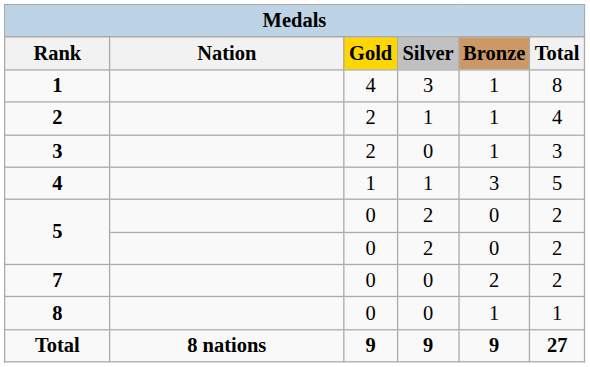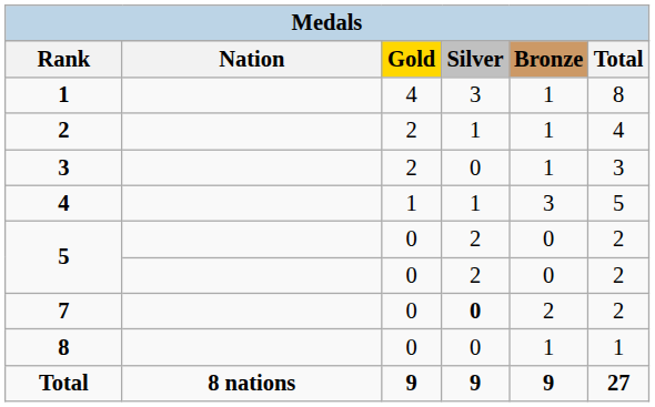 <table class="wikitable" style="text-align:center">
 <tr>
 <td colspan="6" style="background:#BCD4E6"><strong>Medals</strong></td>
 </tr>
 <tr>
 </tr>
 <tr style="background-color:#EDEDED;">
 <th width="75px" class="hintergrundfarbe5">Rank</th>
 <th width="175px" class="hintergrundfarbe6">Nation</th>
 <th style="background:    gold; width:35px ">Gold</th>
 <th style="background:  silver; width:35px ">Silver</th>
 <th style="background: #CC9966; width:35px ">Bronze</th>
 <th width="35px">Total</th>
 </tr>
 <tr>
 <td><strong>1</strong></td>
 <td align=left></td>
 <td>4</td>
 <td>3</td>
 <td>1</td>
 <td>8</td>
 </tr>
 <tr>
 <td><strong>2</strong></td>
 <td align=left></td>
 <td>2</td>
 <td>1</td>
 <td>1</td>
 <td>4</td>
 </tr>
 <tr>
 <td><strong>3</strong></td>
 <td align=left></td>
 <td>2</td>
 <td>0</td>
 <td>1</td>
 <td>3</td>
 </tr>
 <tr>
 <td><strong>4</strong></td>
 <td align=left></td>
 <td>1</td>
 <td>1</td>
 <td>3</td>
 <td>5</td>
 </tr>
 <tr>
 <td rowspan="2"><strong>5</strong></td>
 <td align=left></td>
 <td>0</td>
 <td>2</td>
 <td>0</td>
 <td>2</td>
 </tr>
 <tr>
 <td align=left></td>
 <td>0</td>
 <td>2</td>
 <td>0</td>
 <td>2</td>
 </tr>
 <tr>
 <td><strong>7</strong></td>
 <td align=left></td>
 <td>0</td>
-<td>0</td>
+<td><strong>0</strong></td>
 <td>2</td>
 <td>2</td>
 </tr>
 <tr>
 <td><strong>8</strong></td>
 <td align=left></td>
 <td>0</td>
 <td>0</td>
 <td>1</td>
 <td>1</td>
 </tr>
 <tr>
 <td><strong>Total</strong></td>
 <td><strong>8 nations</strong></td>
 <td><strong>9</strong></td>
 <td><strong>9</strong></td>
 <td><strong>9</strong></td>
 <td><strong>27</strong></td>
 </tr>
 </table>
